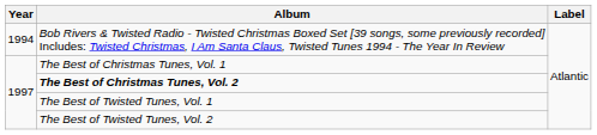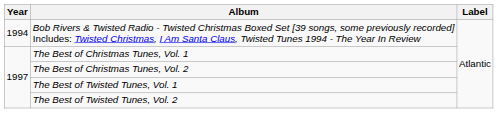 <table class="wikitable">
 <tr>
 <th>Year</th>
 <th>Album</th>
 <th>Label</th>
 </tr>
 <tr>
 <td>1994</td>
 <td><em>Bob Rivers & Twisted Radio - Twisted Christmas Boxed Set [39 songs, some previously recorded]</em><br>Includes: <em><a href='#'>Twisted Christmas</a>, <a href='#'>I Am Santa Claus</a>, Twisted Tunes 1994 - The Year In Review</em></td>
 <td rowspan="6">Atlantic</td>
 </tr>
 <tr>
 <td rowspan="4">1997</td>
 <td><em>The Best of Christmas Tunes, Vol. 1</em></td>
 </tr>
 <tr>
-<td><strong><em>The Best of Christmas Tunes, Vol. 2</em></strong></td>
+<td><em>The Best of Christmas Tunes, Vol. 2</em></td>
 </tr>
 <tr>
 <td><em>The Best of Twisted Tunes, Vol. 1</em></td>
 </tr>
 <tr>
 <td><em>The Best of Twisted Tunes, Vol. 2</em></td>
 </tr>
 </table>
